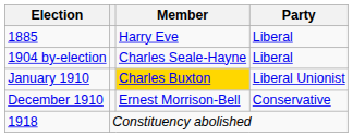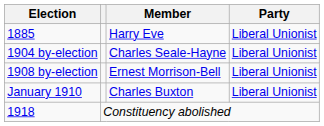 <table class="wikitable">
 <tr>
 <th>Election</th>
 <th></th>
 <th>Member</th>
 <th>Party</th>
 </tr>
 <tr>
 <td><a href='#'>1885</a></td>
 <td style="color:inherit;background-color: "></td>
 <td><a href='#'>Harry Eve</a></td>
-<td><a href='#'>Liberal</a></td>
+<td><a href='#'>Liberal Unionist</a></td>
 </tr>
 <tr>
 <td><a href='#'>1904 by-election</a></td>
 <td style="color:inherit;background-color: "></td>
 <td><a href='#'>Charles Seale-Hayne</a></td>
-<td><a href='#'>Liberal</a></td>
+<td><a href='#'>Liberal Unionist</a></td>
+</tr>
+<tr>
+<td><a href='#'>1908 by-election</a></td>
+<td style="color:inherit;background-color: "></td>
+<td><a href='#'>Ernest Morrison-Bell</a></td>
+<td><a href='#'>Liberal Unionist</a></td>
 </tr>
 <tr>
 <td><a href='#'>January 1910</a></td>
 <td style="color:inherit;background-color: "></td>
-<td style="background: gold;"><a href='#'>Charles Buxton</a></td>
+<td><a href='#'>Charles Buxton</a></td>
 <td><a href='#'>Liberal Unionist</a></td>
-</tr>
-<tr>
-<td><a href='#'>December 1910</a></td>
-<td style="color:inherit;background-color: "></td>
-<td><a href='#'>Ernest Morrison-Bell</a></td>
-<td><a href='#'>Conservative</a></td>
 </tr>
 <tr>
 <td><a href='#'>1918</a></td>
 <td colspan="3"><em>Constituency abolished</em></td>
 </tr>
 </table>
